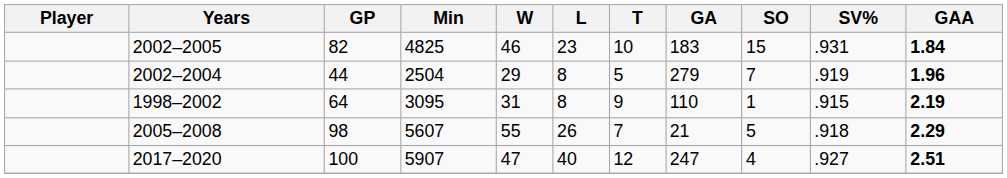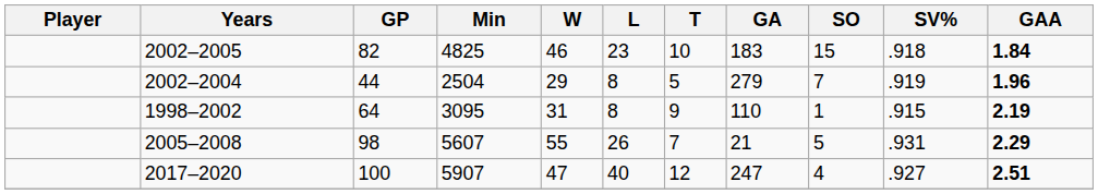 <table class="wikitable sortable" width = 900>
 <tr>
 <th>Player</th>
 <th>Years</th>
 <th>GP</th>
 <th>Min</th>
 <th>W</th>
 <th>L</th>
 <th>T</th>
 <th>GA</th>
 <th>SO</th>
 <th>SV%</th>
 <th>GAA</th>
 </tr>
 <tr>
 <td></td>
 <td>2002–2005</td>
 <td>82</td>
 <td>4825</td>
 <td>46</td>
 <td>23</td>
 <td>10</td>
 <td>183</td>
 <td>15</td>
-<td>.931</td>
+<td>.918</td>
 <td><strong>1.84</strong></td>
 </tr>
 <tr>
 <td></td>
 <td>2002–2004</td>
 <td>44</td>
 <td>2504</td>
 <td>29</td>
 <td>8</td>
 <td>5</td>
 <td>279</td>
 <td>7</td>
 <td>.919</td>
 <td><strong>1.96</strong></td>
 </tr>
 <tr>
 <td></td>
 <td>1998–2002</td>
 <td>64</td>
 <td>3095</td>
 <td>31</td>
 <td>8</td>
 <td>9</td>
 <td>110</td>
 <td>1</td>
 <td>.915</td>
 <td><strong>2.19</strong></td>
 </tr>
 <tr>
 <td></td>
 <td>2005–2008</td>
 <td>98</td>
 <td>5607</td>
 <td>55</td>
 <td>26</td>
 <td>7</td>
 <td>21</td>
 <td>5</td>
-<td>.918</td>
+<td>.931</td>
 <td><strong>2.29</strong></td>
 </tr>
 <tr>
 <td></td>
 <td>2017–2020</td>
 <td>100</td>
 <td>5907</td>
 <td>47</td>
 <td>40</td>
 <td>12</td>
 <td>247</td>
 <td>4</td>
 <td>.927</td>
 <td><strong>2.51</strong></td>
 </tr>
 <tr>
 </tr>
 </table>
